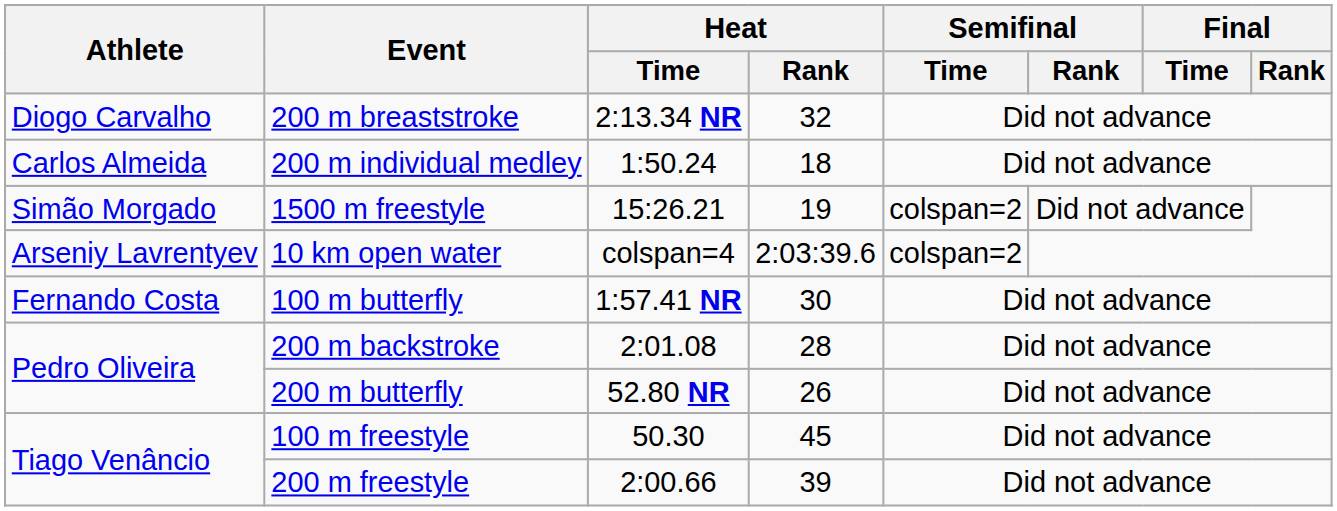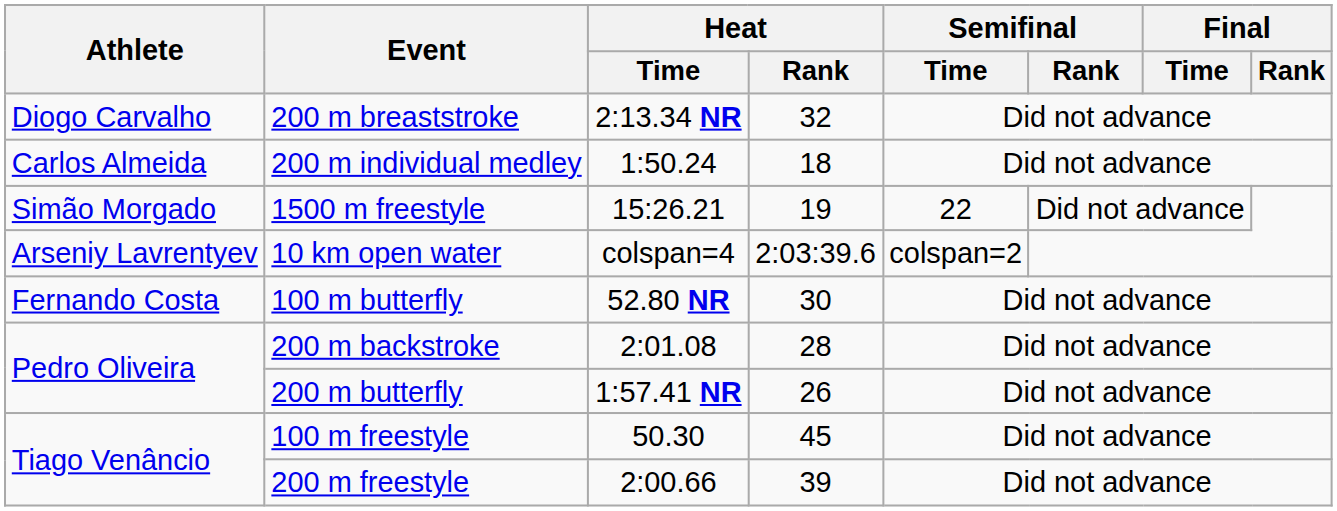 <table class=wikitable style="font-size:90%">
 <tr>
 <th rowspan="2">Athlete</th>
 <th rowspan="2">Event</th>
 <th colspan="2">Heat</th>
 <th colspan="2">Semifinal</th>
 <th colspan="2">Final</th>
 </tr>
 <tr style="font-size:95%">
 <th>Time</th>
 <th>Rank</th>
 <th>Time</th>
 <th>Rank</th>
 <th>Time</th>
 <th>Rank</th>
 </tr>
 <tr align=center>
 <td align=left><a href='#'>Diogo Carvalho</a></td>
 <td align=left><a href='#'>200 m breaststroke</a></td>
 <td>2:13.34 <strong><a href='#'>NR</a></strong></td>
 <td>32</td>
 <td colspan=4>Did not advance</td>
 </tr>
 <tr align=center>
 <td align=left><a href='#'>Carlos Almeida</a></td>
 <td align=left><a href='#'>200 m individual medley</a></td>
 <td>1:50.24</td>
 <td>18</td>
 <td colspan=4>Did not advance</td>
 </tr>
 <tr align=center>
 <td align=left><a href='#'>Simão Morgado</a></td>
 <td align=left><a href='#'>1500 m freestyle</a></td>
 <td>15:26.21</td>
 <td>19</td>
-<td>colspan=2 </td>
+<td>22</td>
 <td colspan=2>Did not advance</td>
 </tr>
 <tr align=center>
 <td align=left><a href='#'>Arseniy Lavrentyev</a></td>
 <td align=left><a href='#'>10 km open water</a></td>
 <td>colspan=4 </td>
 <td>2:03:39.6</td>
 <td>colspan=2 </td>
 </tr>
 <tr align=center>
 <td align=left><a href='#'>Fernando Costa</a></td>
 <td align=left><a href='#'>100 m butterfly</a></td>
-<td>1:57.41 <strong><a href='#'>NR</a></strong></td>
+<td>52.80 <strong><a href='#'>NR</a></strong></td>
 <td>30</td>
 <td colspan=4>Did not advance</td>
 </tr>
 <tr align=center>
 <td align=left rowspan=2><a href='#'>Pedro Oliveira</a></td>
 <td align=left><a href='#'>200 m backstroke</a></td>
 <td>2:01.08</td>
 <td>28</td>
 <td colspan=4>Did not advance</td>
 </tr>
 <tr align=center>
 <td align=left><a href='#'>200 m butterfly</a></td>
-<td>52.80 <strong><a href='#'>NR</a></strong></td>
+<td>1:57.41 <strong><a href='#'>NR</a></strong></td>
 <td>26</td>
 <td colspan=4>Did not advance</td>
 </tr>
 <tr align=center>
 <td align=left rowspan=2><a href='#'>Tiago Venâncio</a></td>
 <td align=left><a href='#'>100 m freestyle</a></td>
 <td>50.30</td>
 <td>45</td>
 <td colspan=4>Did not advance</td>
 </tr>
 <tr align=center>
 <td align=left><a href='#'>200 m freestyle</a></td>
 <td>2:00.66</td>
 <td>39</td>
 <td colspan=4>Did not advance</td>
 </tr>
 </table>
